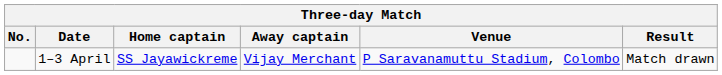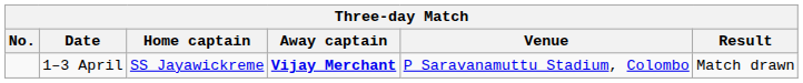 <table class="wikitable">
 <tr>
 <th colspan="9">Three-day Match</th>
 </tr>
 <tr>
 <th>No.</th>
 <th>Date</th>
 <th>Home captain</th>
 <th>Away captain</th>
 <th>Venue</th>
 <th>Result</th>
 </tr>
 <tr>
 <td></td>
 <td>1–3 April</td>
 <td><a href='#'>SS Jayawickreme</a></td>
-<td><a href='#'>Vijay Merchant</a></td>
+<td><strong><a href='#'>Vijay Merchant</a></strong></td>
 <td><a href='#'>P Saravanamuttu Stadium</a>, <a href='#'>Colombo</a></td>
 <td>Match drawn</td>
 </tr>
 </table>
